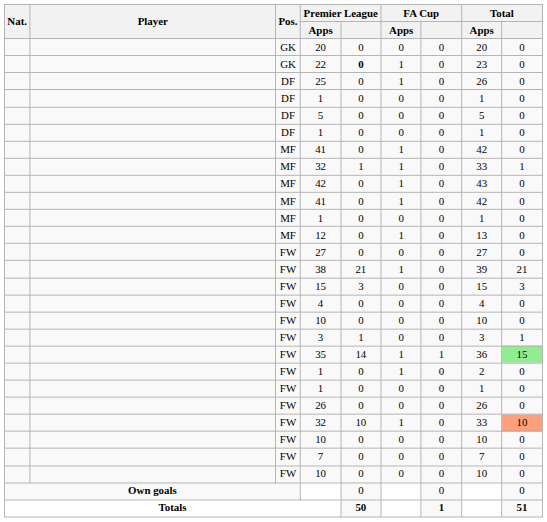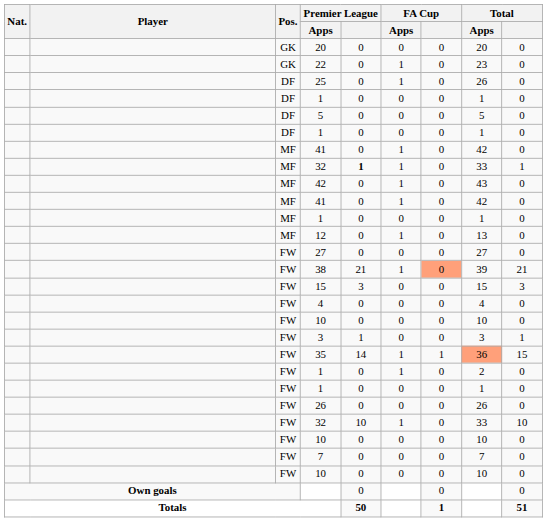 <table class="wikitable sortable alternance"  style="font-size:80%; text-align:center; line-height:14px; width:40%;">
 <tr>
 <th rowspan="2" style="width:10px;">Nat.</th>
 <th rowspan="2" scope="col" style="width:275px;">Player</th>
 <th rowspan="2" style="width:10px;">Pos.</th>
 <th colspan="2">Premier League</th>
 <th colspan="2">FA Cup</th>
 <th colspan="2">Total</th>
 </tr>
 <tr style="text-align:center;">
 <th width=40>Apps</th>
 <th width=40></th>
 <th width=40>Apps</th>
 <th width=40></th>
 <th width=40>Apps</th>
 <th width=40></th>
 </tr>
 <tr>
 <td></td>
 <td></td>
 <td>GK</td>
 <td>20</td>
 <td>0</td>
 <td>0</td>
 <td>0</td>
 <td>20</td>
 <td>0</td>
 </tr>
 <tr>
 <td></td>
 <td></td>
 <td>GK</td>
 <td>22</td>
-<td><strong>0</strong></td>
+<td>0</td>
 <td>1</td>
 <td>0</td>
 <td>23</td>
 <td>0</td>
 </tr>
 <tr>
 <td></td>
 <td></td>
 <td>DF</td>
 <td>25</td>
 <td>0</td>
 <td>1</td>
 <td>0</td>
 <td>26</td>
 <td>0</td>
 </tr>
 <tr>
 <td></td>
 <td></td>
 <td>DF</td>
 <td>1</td>
 <td>0</td>
 <td>0</td>
 <td>0</td>
 <td>1</td>
 <td>0</td>
 </tr>
 <tr>
 <td></td>
 <td></td>
 <td>DF</td>
 <td>5</td>
 <td>0</td>
 <td>0</td>
 <td>0</td>
 <td>5</td>
 <td>0</td>
 </tr>
 <tr>
 <td></td>
 <td></td>
 <td>DF</td>
 <td>1</td>
 <td>0</td>
 <td>0</td>
 <td>0</td>
 <td>1</td>
 <td>0</td>
 </tr>
 <tr>
 <td></td>
 <td></td>
 <td>MF</td>
 <td>41</td>
 <td>0</td>
 <td>1</td>
 <td>0</td>
 <td>42</td>
 <td>0</td>
 </tr>
 <tr>
 <td></td>
 <td></td>
 <td>MF</td>
 <td>32</td>
-<td>1</td>
+<td><strong>1</strong></td>
 <td>1</td>
 <td>0</td>
 <td>33</td>
 <td>1</td>
 </tr>
 <tr>
 <td></td>
 <td></td>
 <td>MF</td>
 <td>42</td>
 <td>0</td>
 <td>1</td>
 <td>0</td>
 <td>43</td>
 <td>0</td>
 </tr>
 <tr>
 <td></td>
 <td></td>
 <td>MF</td>
 <td>41</td>
 <td>0</td>
 <td>1</td>
 <td>0</td>
 <td>42</td>
 <td>0</td>
 </tr>
 <tr>
 <td></td>
 <td></td>
 <td>MF</td>
 <td>1</td>
 <td>0</td>
 <td>0</td>
 <td>0</td>
 <td>1</td>
 <td>0</td>
 </tr>
 <tr>
 <td></td>
 <td></td>
 <td>MF</td>
 <td>12</td>
 <td>0</td>
 <td>1</td>
 <td>0</td>
 <td>13</td>
 <td>0</td>
 </tr>
 <tr>
 <td></td>
 <td></td>
 <td>FW</td>
 <td>27</td>
 <td>0</td>
 <td>0</td>
 <td>0</td>
 <td>27</td>
 <td>0</td>
 </tr>
 <tr>
 <td></td>
 <td></td>
 <td>FW</td>
 <td>38</td>
 <td>21</td>
 <td>1</td>
-<td>0</td>
+<td style="background: lightsalmon;">0</td>
 <td>39</td>
 <td>21</td>
 </tr>
 <tr>
 <td></td>
 <td></td>
 <td>FW</td>
 <td>15</td>
 <td>3</td>
 <td>0</td>
 <td>0</td>
 <td>15</td>
 <td>3</td>
 </tr>
 <tr>
 <td></td>
 <td></td>
 <td>FW</td>
 <td>4</td>
 <td>0</td>
 <td>0</td>
 <td>0</td>
 <td>4</td>
 <td>0</td>
 </tr>
 <tr>
 <td></td>
 <td></td>
 <td>FW</td>
 <td>10</td>
 <td>0</td>
 <td>0</td>
 <td>0</td>
 <td>10</td>
 <td>0</td>
 </tr>
 <tr>
 <td></td>
 <td></td>
 <td>FW</td>
 <td>3</td>
 <td>1</td>
 <td>0</td>
 <td>0</td>
 <td>3</td>
 <td>1</td>
 </tr>
 <tr>
 <td></td>
 <td></td>
 <td>FW</td>
 <td>35</td>
 <td>14</td>
 <td>1</td>
 <td>1</td>
-<td>36</td>
-<td style="background: lightgreen;">15</td>
+<td style="background: lightsalmon;">36</td>
+<td>15</td>
 </tr>
 <tr>
 <td></td>
 <td></td>
 <td>FW</td>
 <td>1</td>
 <td>0</td>
 <td>1</td>
 <td>0</td>
 <td>2</td>
 <td>0</td>
 </tr>
 <tr>
 <td></td>
 <td></td>
 <td>FW</td>
 <td>1</td>
 <td>0</td>
 <td>0</td>
 <td>0</td>
 <td>1</td>
 <td>0</td>
 </tr>
 <tr>
 <td></td>
 <td></td>
 <td>FW</td>
 <td>26</td>
 <td>0</td>
 <td>0</td>
 <td>0</td>
 <td>26</td>
 <td>0</td>
 </tr>
 <tr>
 <td></td>
 <td></td>
 <td>FW</td>
 <td>32</td>
 <td>10</td>
 <td>1</td>
 <td>0</td>
 <td>33</td>
-<td style="background: lightsalmon;">10</td>
+<td>10</td>
 </tr>
 <tr>
 <td></td>
 <td></td>
 <td>FW</td>
 <td>10</td>
 <td>0</td>
 <td>0</td>
 <td>0</td>
 <td>10</td>
 <td>0</td>
 </tr>
 <tr>
 <td></td>
 <td></td>
 <td>FW</td>
 <td>7</td>
 <td>0</td>
 <td>0</td>
 <td>0</td>
 <td>7</td>
 <td>0</td>
 </tr>
 <tr>
 <td></td>
 <td></td>
 <td>FW</td>
 <td>10</td>
 <td>0</td>
 <td>0</td>
 <td>0</td>
 <td>10</td>
 <td>0</td>
 </tr>
 <tr class="sortbottom">
 <td colspan="3"><strong>Own goals</strong></td>
 <td ! style="background:white; text-align: center;"></td>
 <td>0</td>
 <td ! style="background:white; text-align: center;"></td>
 <td>0</td>
 <td ! style="background:white; text-align: center;"></td>
 <td>0</td>
 </tr>
 <tr class="sortbottom">
 <td colspan="4"  style="background:white; text-align: center;"><strong>Totals</strong></td>
 <td><strong>50</strong></td>
 <td ! rowspan="2" style="background:white; text-align: center;"></td>
 <td><strong>1</strong></td>
 <td ! rowspan="2" style="background:white; text-align: center;"></td>
 <td><strong>51</strong></td>
 </tr>
 </table>
